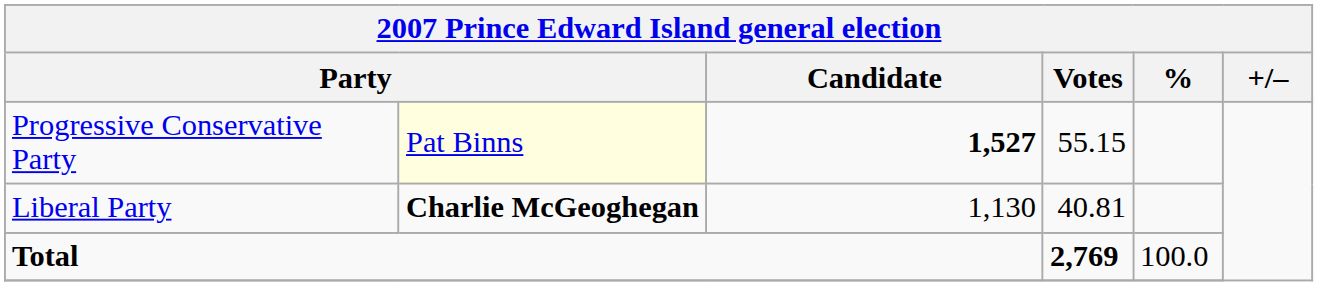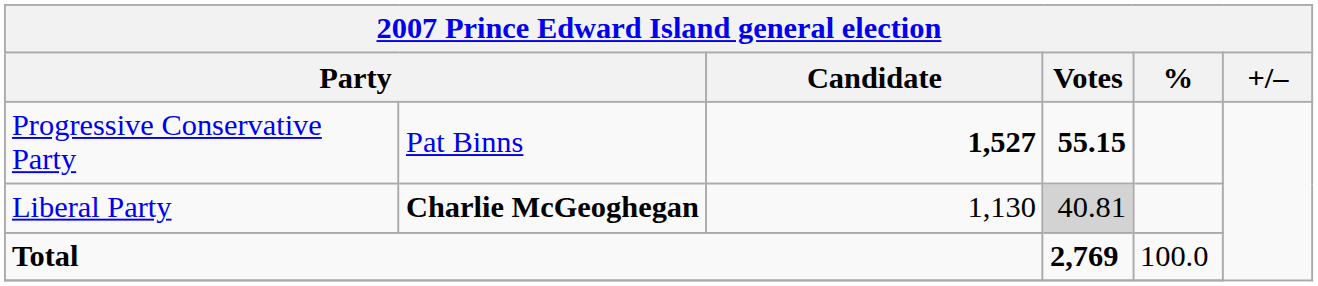 <table class="wikitable">
 <tr>
 <th colspan=6><a href='#'>2007 Prince Edward Island general election</a></th>
 </tr>
 <tr>
 <th colspan=2 style="width: 230px">Party</th>
 <th style="width: 170px">Candidate</th>
 <th style="width: 40px">Votes</th>
 <th style="width: 40px">%</th>
 <th style="width: 40px">+/–</th>
 </tr>
 <tr>
 <td style="width: 200px"><a href='#'>Progressive Conservative Party</a></td>
-<td style="background: lightyellow;"><a href='#'>Pat Binns</a></td>
+<td><a href='#'>Pat Binns</a></td>
 <td align=right><strong>1,527</strong></td>
-<td align=right>55.15</td>
+<td align=right><strong>55.15</strong></td>
 <td align=right></td>
 </tr>
 <tr>
 <td style="width: 200px"><a href='#'>Liberal Party</a></td>
 <td><strong>Charlie McGeoghegan</strong></td>
 <td align=right>1,130</td>
-<td align=right>40.81</td>
+<td align=right style="background: lightgrey;">40.81</td>
 <td align=right><br></td>
 </tr>
 <tr>
 <td colspan=3><strong>Total</strong></td>
 <td><strong>2,769</strong></td>
 <td>100.0</td>
 </tr>
 <tr>
 </tr>
 </table>
